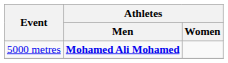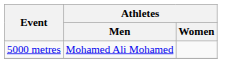 <table class=wikitable style="font-size:90%">
 <tr>
 <th rowspan=2>Event</th>
 <th colspan=2>Athletes</th>
 </tr>
 <tr>
 <th>Men</th>
 <th>Women</th>
 </tr>
 <tr>
 <td><a href='#'>5000 metres</a></td>
-<td><strong><a href='#'>Mohamed Ali Mohamed</a></strong></td>
+<td><a href='#'>Mohamed Ali Mohamed</a></td>
 <td></td>
 </tr>
 <tr>
 </tr>
 </table>
